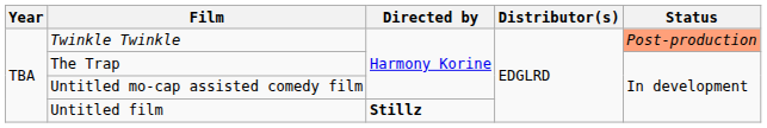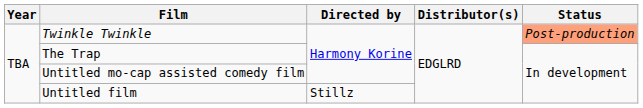 <table class="wikitable sortable">
 <tr>
 <th>Year</th>
 <th>Film</th>
 <th>Directed by</th>
 <th>Distributor(s)</th>
 <th>Status</th>
 </tr>
 <tr>
 <td rowspan="4">TBA</td>
 <td scope="row" style="text-align:left"><em>Twinkle Twinkle</em></td>
 <td rowspan="3"><a href='#'>Harmony Korine</a></td>
 <td rowspan="4">EDGLRD</td>
 <td style="background: lightsalmon;"><em>Post-production<strong></td>
 </tr>
 <tr>
 <td scope="row" style="text-align:left"></em>The Trap<em></td>
 <td rowspan="3"></em>In development<em></td>
 </tr>
 <tr>
 <td scope="row" style="text-align:left"></em>Untitled mo-cap assisted comedy film<em></td>
 </tr>
 <tr>
 <td>Untitled film</td>
-<td><strong>Stillz</strong></td>
+<td>Stillz</td>
 </tr>
 </table>
